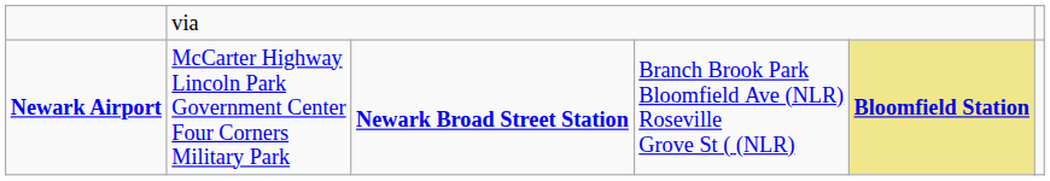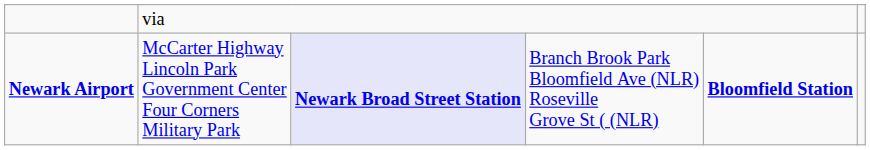 <table class=wikitable>
 <tr>
 <td><strong> </strong> </td>
 <td colspan=5>via</td>
 <td></td>
 </tr>
 <tr>
 <td><strong><a href='#'>Newark Airport</a></strong></td>
 <td><a href='#'>McCarter Highway</a><br><a href='#'>Lincoln Park</a><br><a href='#'>Government Center</a><br><a href='#'>Four Corners</a><br><a href='#'>Military Park</a></td>
-<td><br><strong><a href='#'>Newark Broad Street Station</a></strong></td>
+<td style="background: lavender;"><br><strong><a href='#'>Newark Broad Street Station</a></strong></td>
 <td><a href='#'>Branch Brook Park</a><br><a href='#'>Bloomfield Ave (NLR)</a><br><a href='#'>Roseville</a><br><a href='#'>Grove St ( (NLR)</a></td>
-<td style="background: khaki;"><strong><a href='#'>Bloomfield Station</a></strong></td>
+<td><strong><a href='#'>Bloomfield Station</a></strong></td>
 </tr>
 </table>
